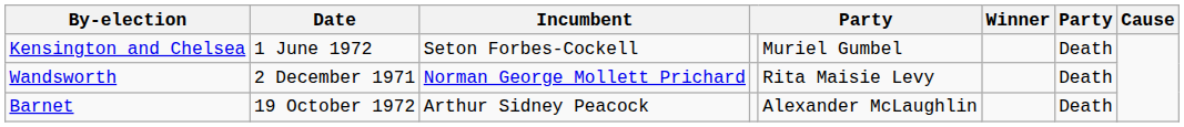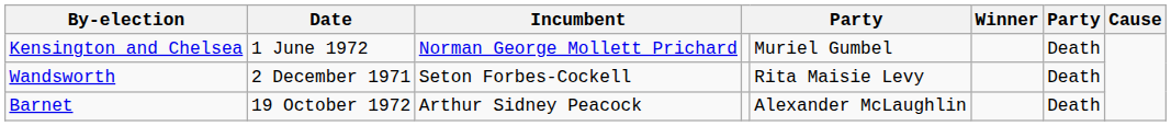 <table class="wikitable sortable">
 <tr>
 <th>By-election</th>
 <th>Date</th>
 <th>Incumbent</th>
 <th colspan=2>Party</th>
 <th>Winner</th>
 <th colspan=2>Party</th>
 <th>Cause</th>
 </tr>
 <tr>
 <td><a href='#'>Kensington and Chelsea</a></td>
 <td>1 June 1972</td>
-<td>Seton Forbes-Cockell</td>
+<td><a href='#'>Norman George Mollett Prichard</a></td>
 <td></td>
 <td>Muriel Gumbel</td>
 <td></td>
 <td>Death</td>
 </tr>
 <tr>
 <td><a href='#'>Wandsworth</a></td>
 <td>2 December 1971</td>
-<td><a href='#'>Norman George Mollett Prichard</a></td>
+<td>Seton Forbes-Cockell</td>
 <td></td>
 <td>Rita Maisie Levy</td>
 <td></td>
 <td>Death</td>
 </tr>
 <tr>
 <td><a href='#'>Barnet</a></td>
 <td>19 October 1972</td>
 <td>Arthur Sidney Peacock</td>
 <td></td>
 <td>Alexander McLaughlin</td>
 <td></td>
 <td>Death</td>
 </tr>
 </table>
